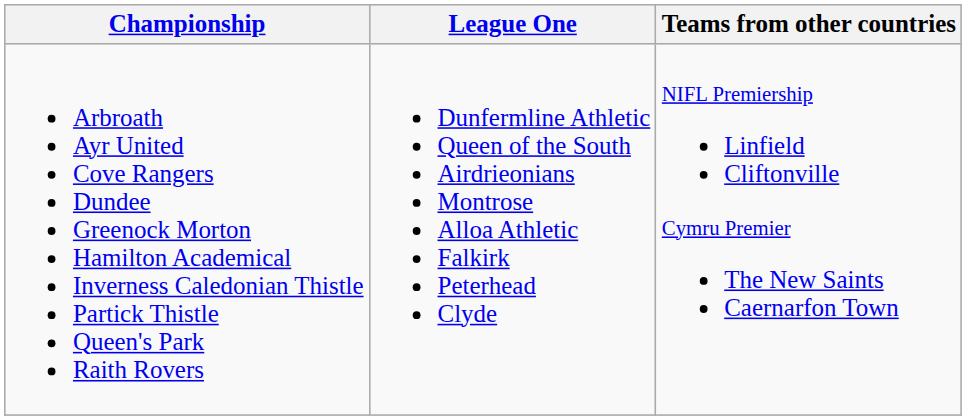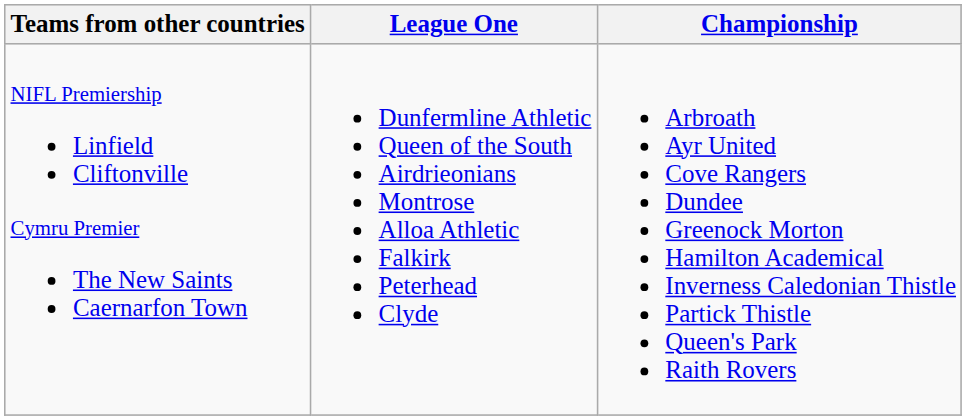 <table class="wikitable">
 <tr>
+<th>Teams from other countries</th>
+<th><a href='#'>League One</a></th>
 <th><a href='#'>Championship</a></th>
-<th><a href='#'>League One</a></th>
-<th>Teams from other countries</th>
 </tr>
 <tr>
+<td valign="top"><br><small><a href='#'>NIFL Premiership</a></small><ul><li><a href='#'>Linfield</a></li><li><a href='#'>Cliftonville</a></li></ul><small><a href='#'>Cymru Premier</a></small><ul><li><a href='#'>The New Saints</a></li><li><a href='#'>Caernarfon Town</a></li></ul></td>
+<td valign="top"><br><ul><li><a href='#'>Dunfermline Athletic</a></li><li><a href='#'>Queen of the South</a></li><li><a href='#'>Airdrieonians</a></li><li><a href='#'>Montrose</a></li><li><a href='#'>Alloa Athletic</a></li><li><a href='#'>Falkirk</a></li><li><a href='#'>Peterhead</a></li><li><a href='#'>Clyde</a></li></ul></td>
 <td valign="top"><br><ul><li><a href='#'>Arbroath</a></li><li><a href='#'>Ayr United</a></li><li><a href='#'>Cove Rangers</a></li><li><a href='#'>Dundee</a></li><li><a href='#'>Greenock Morton</a></li><li><a href='#'>Hamilton Academical</a></li><li><a href='#'>Inverness Caledonian Thistle</a></li><li><a href='#'>Partick Thistle</a></li><li><a href='#'>Queen's Park</a></li><li><a href='#'>Raith Rovers</a></li></ul></td>
-<td valign="top"><br><ul><li><a href='#'>Dunfermline Athletic</a></li><li><a href='#'>Queen of the South</a></li><li><a href='#'>Airdrieonians</a></li><li><a href='#'>Montrose</a></li><li><a href='#'>Alloa Athletic</a></li><li><a href='#'>Falkirk</a></li><li><a href='#'>Peterhead</a></li><li><a href='#'>Clyde</a></li></ul></td>
-<td valign="top"><br><small><a href='#'>NIFL Premiership</a></small><ul><li><a href='#'>Linfield</a></li><li><a href='#'>Cliftonville</a></li></ul><small><a href='#'>Cymru Premier</a></small><ul><li><a href='#'>The New Saints</a></li><li><a href='#'>Caernarfon Town</a></li></ul></td>
 </tr>
 </table>
